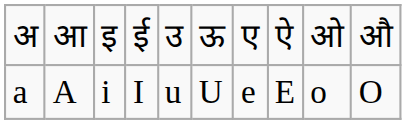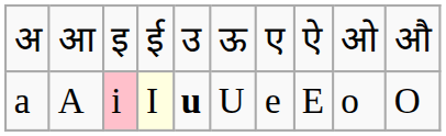 <table class="wikitable">
 <tr class="Unicode">
 <td>अ</td>
 <td>आ</td>
 <td>इ</td>
 <td>ई</td>
 <td>उ</td>
 <td>ऊ</td>
 <td>ए</td>
 <td>ऐ</td>
 <td>ओ</td>
 <td>औ</td>
 </tr>
 <tr>
 <td>a</td>
 <td>A</td>
-<td>i</td>
-<td>I</td>
-<td>u</td>
+<td style="background: pink;">i</td>
+<td style="background: lightyellow;">I</td>
+<td><strong>u</strong></td>
 <td>U</td>
 <td>e</td>
 <td>E</td>
 <td>o</td>
 <td>O</td>
 </tr>
 </table>
